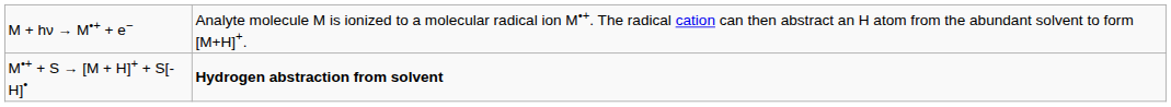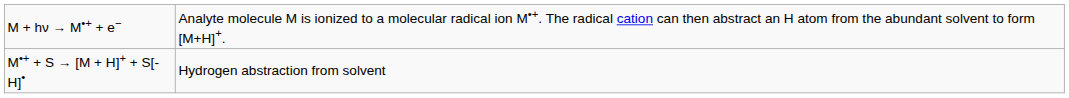 <table class="wikitable">
 <tr>
 <td>M + hν → M<sup>•+</sup> + e<sup>−</sup></td>
 <td>Analyte molecule M is ionized to a molecular radical ion M<sup>•+</sup>. The radical <a href='#'>cation</a> can then abstract an H atom from the abundant solvent to form [M+H]<sup>+</sup>.</td>
 </tr>
 <tr>
 <td>M<sup>•+</sup> + S → [M + H]<sup>+</sup> + S[-H]<sup>•</sup></td>
-<td><strong>Hydrogen abstraction from solvent</strong></td>
+<td>Hydrogen abstraction from solvent</td>
 </tr>
 </table>
